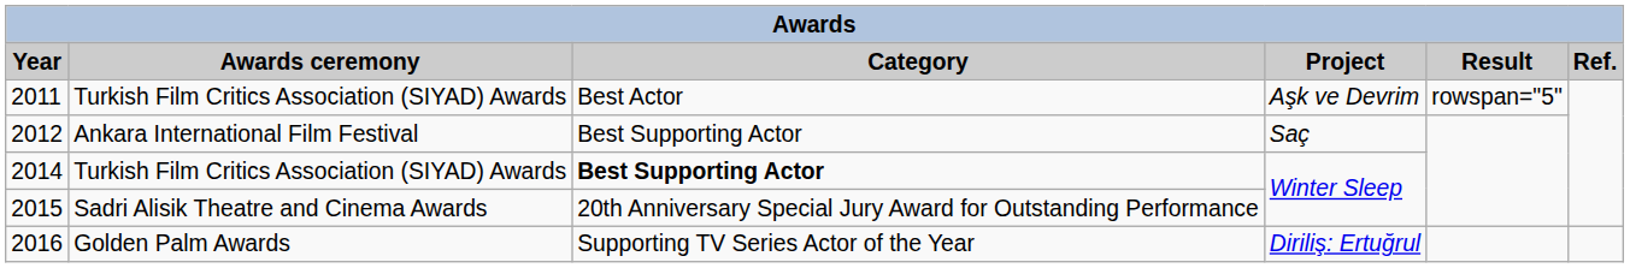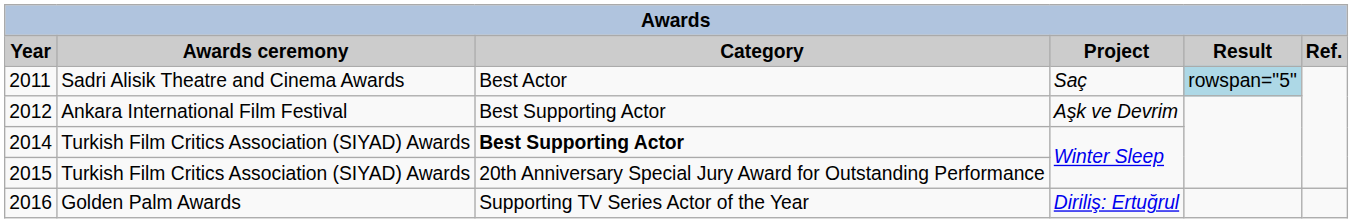 <table class="wikitable" style="font-size:90%">
 <tr>
 <th colspan=6 style="background:LightSteelBlue">Awards</th>
 </tr>
 <tr>
 <th style="background:#CCCCCC">Year</th>
 <th style="background:#CCCCCC">Awards ceremony</th>
 <th style="background:#CCCCCC">Category</th>
 <th style="background:#CCCCCC">Project</th>
 <th style="background:#CCCCCC">Result</th>
 <th style="background:#CCCCCC">Ref.</th>
 </tr>
 <tr>
 <td>2011</td>
-<td>Turkish Film Critics Association (SIYAD) Awards</td>
+<td>Sadri Alisik Theatre and Cinema Awards</td>
 <td>Best Actor</td>
-<td><em>Aşk ve Devrim</em></td>
-<td>rowspan="5" </td>
+<td><em>Saç</em></td>
+<td style="background: lightblue;">rowspan="5" </td>
 <td rowspan="4"></td>
 </tr>
 <tr>
 <td>2012</td>
 <td>Ankara International Film Festival</td>
 <td>Best Supporting Actor</td>
-<td><em>Saç</em></td>
+<td><em>Aşk ve Devrim</em></td>
 </tr>
 <tr>
 <td>2014</td>
 <td>Turkish Film Critics Association (SIYAD) Awards</td>
 <td><strong>Best Supporting Actor</strong></td>
 <td rowspan="2"><em><a href='#'>Winter Sleep</a></em></td>
 </tr>
 <tr>
 <td>2015</td>
-<td>Sadri Alisik Theatre and Cinema Awards</td>
+<td>Turkish Film Critics Association (SIYAD) Awards</td>
 <td>20th Anniversary Special Jury Award for Outstanding Performance</td>
 </tr>
 <tr>
 <td>2016</td>
 <td>Golden Palm Awards</td>
 <td>Supporting TV Series Actor of the Year</td>
 <td><em><a href='#'>Diriliş: Ertuğrul</a></em></td>
 <td style = "text-align: center;"></td>
 </tr>
 </table>
